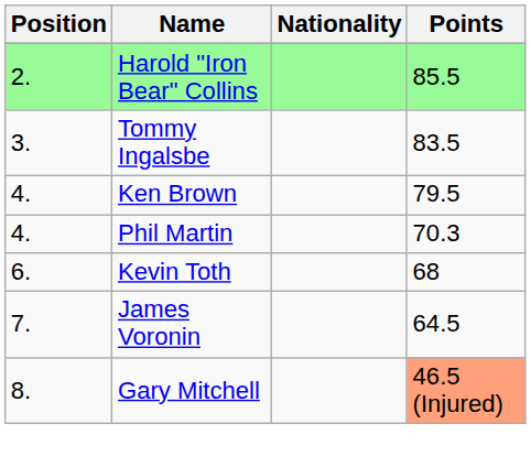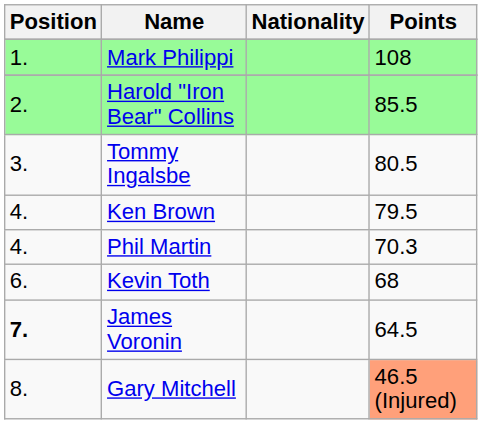 <table class="wikitable" style="display: inline-table; width: 55%;">
 <tr>
 <th>Position</th>
 <th>Name</th>
 <th>Nationality</th>
 <th>Points</th>
 </tr>
 <tr>
+</tr>
+<tr style="background:palegreen">
+<td>1.</td>
+<td><a href='#'>Mark Philippi</a></td>
+<td></td>
+<td>108</td>
 </tr>
 <tr>
 </tr>
 <tr style="background:palegreen">
 <td>2.</td>
 <td><a href='#'>Harold "Iron Bear" Collins</a></td>
 <td></td>
 <td>85.5</td>
 </tr>
 <tr>
 <td>3.</td>
 <td><a href='#'>Tommy Ingalsbe</a></td>
 <td></td>
-<td>83.5</td>
+<td>80.5</td>
 </tr>
 <tr>
 <td>4.</td>
 <td><a href='#'>Ken Brown</a></td>
 <td></td>
 <td>79.5</td>
 </tr>
 <tr>
 <td>4.</td>
 <td><a href='#'>Phil Martin</a></td>
 <td></td>
 <td>70.3</td>
 </tr>
 <tr>
 <td>6.</td>
 <td><a href='#'>Kevin Toth</a></td>
 <td></td>
 <td>68</td>
 </tr>
 <tr>
-<td>7.</td>
+<td><strong>7.</strong></td>
 <td><a href='#'>James Voronin</a></td>
 <td></td>
 <td>64.5</td>
 </tr>
 <tr>
 <td>8.</td>
 <td><a href='#'>Gary Mitchell</a></td>
 <td></td>
 <td style="background: lightsalmon;">46.5 (Injured)</td>
 </tr>
 </table>
